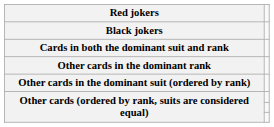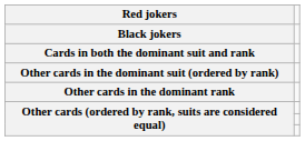 <table class="wikitable mw-collapsible collapsed floatright" style="width:25em;text-align:center;font-size:80%;">
 <tr>
 <th>Red jokers</th>
 <td></td>
 </tr>
 <tr>
 <th>Black jokers</th>
 <td></td>
 </tr>
 <tr>
 <th>Cards in both the dominant suit and rank</th>
 <td></td>
 </tr>
 <tr>
-<th>Other cards in the dominant rank</th>
+<th>Other cards in the dominant suit (ordered by rank)</th>
 <td></td>
 </tr>
 <tr>
-<th>Other cards in the dominant suit (ordered by rank)</th>
+<th>Other cards in the dominant rank</th>
 <td></td>
 </tr>
 <tr>
 <th rowspan="3">Other cards (ordered by rank, suits are considered equal)</th>
 <td></td>
 </tr>
 <tr>
 <td></td>
 </tr>
 <tr>
 <td></td>
 </tr>
 </table>
